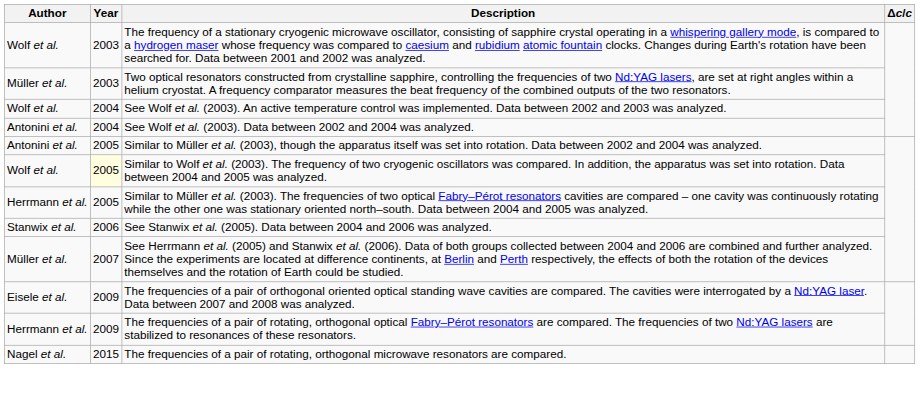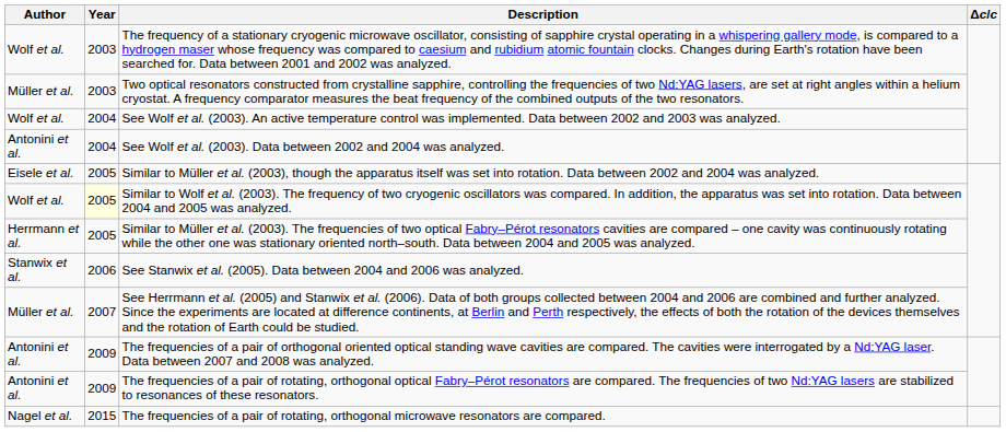 <table class=wikitable>
 <tr>
 <th>Author</th>
 <th>Year</th>
 <th>Description</th>
 <th>Δ<em>c</em>/<em>c</em></th>
 </tr>
 <tr>
 <td>Wolf <em>et al.</em></td>
 <td>2003</td>
 <td>The frequency of a stationary cryogenic microwave oscillator, consisting of sapphire crystal operating in a <a href='#'>whispering gallery mode</a>, is compared to a <a href='#'>hydrogen maser</a> whose frequency was compared to <a href='#'>caesium</a> and <a href='#'>rubidium</a> <a href='#'>atomic fountain</a> clocks. Changes during Earth's rotation have been searched for. Data between 2001 and 2002 was analyzed.</td>
 <td rowspan=4 style="text-align:center;"></td>
 </tr>
 <tr>
 <td>Müller <em>et al.</em></td>
 <td>2003</td>
 <td>Two optical resonators constructed from crystalline sapphire, controlling the frequencies of two <a href='#'>Nd:YAG lasers</a>, are set at right angles within a helium cryostat. A frequency comparator measures the beat frequency of the combined outputs of the two resonators.</td>
 </tr>
 <tr>
 <td>Wolf <em>et al.</em></td>
 <td>2004</td>
 <td>See Wolf <em>et al.</em> (2003). An active temperature control was implemented. Data between 2002 and 2003 was analyzed.</td>
 </tr>
 <tr>
 <td>Antonini <em>et al.</em></td>
 <td>2004</td>
 <td>See Wolf <em>et al.</em> (2003). Data between 2002 and 2004 was analyzed.</td>
 </tr>
 <tr>
-<td>Antonini <em>et al.</em></td>
+<td>Eisele <em>et al.</em></td>
 <td>2005</td>
 <td>Similar to Müller <em>et al.</em> (2003), though the apparatus itself was set into rotation. Data between 2002 and 2004 was analyzed.</td>
 <td rowspan=5 style="text-align:center;"></td>
 </tr>
 <tr>
 <td>Wolf <em>et al.</em></td>
 <td style="background: lightyellow;">2005</td>
 <td>Similar to Wolf <em>et al.</em> (2003). The frequency of two cryogenic oscillators was compared. In addition, the apparatus was set into rotation. Data between 2004 and 2005 was analyzed.</td>
 </tr>
 <tr>
 <td>Herrmann <em>et al.</em></td>
 <td>2005</td>
 <td>Similar to Müller <em>et al.</em> (2003). The frequencies of two optical <a href='#'>Fabry–Pérot resonators</a> cavities are compared – one cavity was continuously rotating while the other one was stationary oriented north–south. Data between 2004 and 2005 was analyzed.</td>
 </tr>
 <tr>
 <td>Stanwix <em>et al.</em></td>
 <td>2006</td>
 <td>See Stanwix <em>et al.</em> (2005). Data between 2004 and 2006 was analyzed.</td>
 </tr>
 <tr>
 <td>Müller <em>et al.</em></td>
 <td>2007</td>
 <td>See Herrmann <em>et al.</em> (2005) and Stanwix <em>et al.</em> (2006). Data of both groups collected between 2004 and 2006 are combined and further analyzed. Since the experiments are located at difference continents, at <a href='#'>Berlin</a> and <a href='#'>Perth</a> respectively, the effects of both the rotation of the devices themselves and the rotation of Earth could be studied.</td>
 </tr>
 <tr>
-<td>Eisele <em>et al.</em></td>
+<td>Antonini <em>et al.</em></td>
 <td>2009</td>
 <td>The frequencies of a pair of orthogonal oriented optical standing wave cavities are compared. The cavities were interrogated by a <a href='#'>Nd:YAG laser</a>. Data between 2007 and 2008 was analyzed.</td>
 <td rowspan=2 style="text-align:center;"></td>
 </tr>
 <tr>
-<td style="white-space:nowrap;">Herrmann <em>et al.</em></td>
+<td>Antonini <em>et al.</em></td>
 <td>2009</td>
 <td>The frequencies of a pair of rotating, orthogonal optical <a href='#'>Fabry–Pérot resonators</a> are compared. The frequencies of two <a href='#'>Nd:YAG lasers</a> are stabilized to resonances of these resonators.</td>
 </tr>
 <tr>
 <td style="white-space:nowrap;">Nagel <em>et al.</em></td>
 <td>2015</td>
 <td>The frequencies of a pair of rotating, orthogonal microwave resonators are compared.</td>
 <td></td>
 </tr>
 </table>
